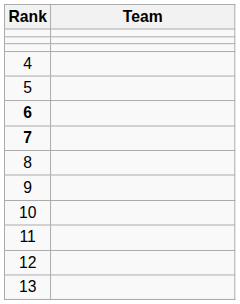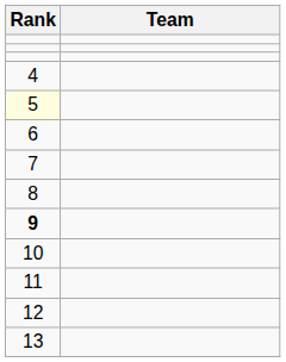 <table class="wikitable" style="text-align: center;">
 <tr>
 <th width=40>Rank</th>
 <th width=180>Team</th>
 </tr>
 <tr align=center>
 <td></td>
 <td style="text-align:left;"></td>
 </tr>
 <tr align=center>
 <td></td>
 <td style="text-align:left;"></td>
 </tr>
 <tr align=center>
 <td></td>
 <td style="text-align:left;"></td>
 </tr>
 <tr align=center>
 <td>4</td>
 <td style="text-align:left;"></td>
 </tr>
 <tr align=center>
-<td>5</td>
+<td style="background: lightyellow;">5</td>
 <td style="text-align:left;"></td>
 </tr>
 <tr align=center>
-<td><strong>6</strong></td>
+<td>6</td>
 <td style="text-align:left;"></td>
 </tr>
 <tr align=center>
-<td><strong>7</strong></td>
+<td>7</td>
 <td style="text-align:left;"></td>
 </tr>
 <tr align=center>
 <td>8</td>
 <td style="text-align:left;"></td>
 </tr>
 <tr align=center>
-<td>9</td>
+<td><strong>9</strong></td>
 <td style="text-align:left;"></td>
 </tr>
 <tr align=center>
 <td>10</td>
 <td style="text-align:left;"></td>
 </tr>
 <tr align=center>
 <td>11</td>
 <td style="text-align:left;"></td>
 </tr>
 <tr align=center>
 <td>12</td>
 <td style="text-align:left;"></td>
 </tr>
 <tr align=center>
 <td>13</td>
 <td style="text-align:left;"></td>
 </tr>
 <tr>
 </tr>
 </table>
